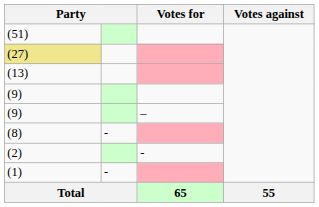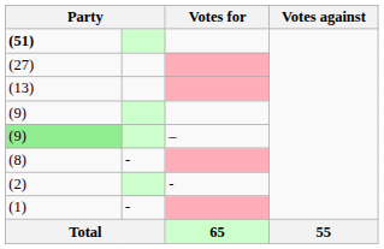 <table class="wikitable" style="width:45%">
 <tr>
 <th style="width:20%;" colspan="2">Party</th>
 <th style="width:13%;">Votes for</th>
 <th style="width:13%;">Votes against</th>
 </tr>
 <tr>
-<td> (51)</td>
+<td><strong> (51)</strong></td>
 <td style="background-color:#CCFFCC;"></td>
 <td></td>
 </tr>
 <tr>
-<td style="background: khaki;"> (27)</td>
+<td> (27)</td>
 <td></td>
 <td style="background-color:#FFAEB9;"></td>
 </tr>
 <tr>
 <td> (13)</td>
 <td></td>
 <td style="background-color:#FFAEB9;"></td>
 </tr>
 <tr>
 <td> (9)</td>
 <td style="background-color:#CCFFCC;"></td>
 <td></td>
 </tr>
 <tr>
-<td> (9)</td>
+<td style="background: lightgreen;"> (9)</td>
 <td style="background-color:#CCFFCC;"></td>
 <td>–</td>
 </tr>
 <tr>
 <td> (8)</td>
 <td>-</td>
 <td style="background-color:#FFAEB9;"></td>
 </tr>
 <tr>
 <td> (2)</td>
 <td style="background-color:#CCFFCC;"></td>
 <td>-</td>
 </tr>
 <tr>
 <td> (1)</td>
 <td>-</td>
 <td style="background-color:#FFAEB9;"></td>
 </tr>
 <tr>
 <th colspan=2>Total</th>
 <th style="background-color:#CCFFCC;">65</th>
 <th>55</th>
 </tr>
 </table>
